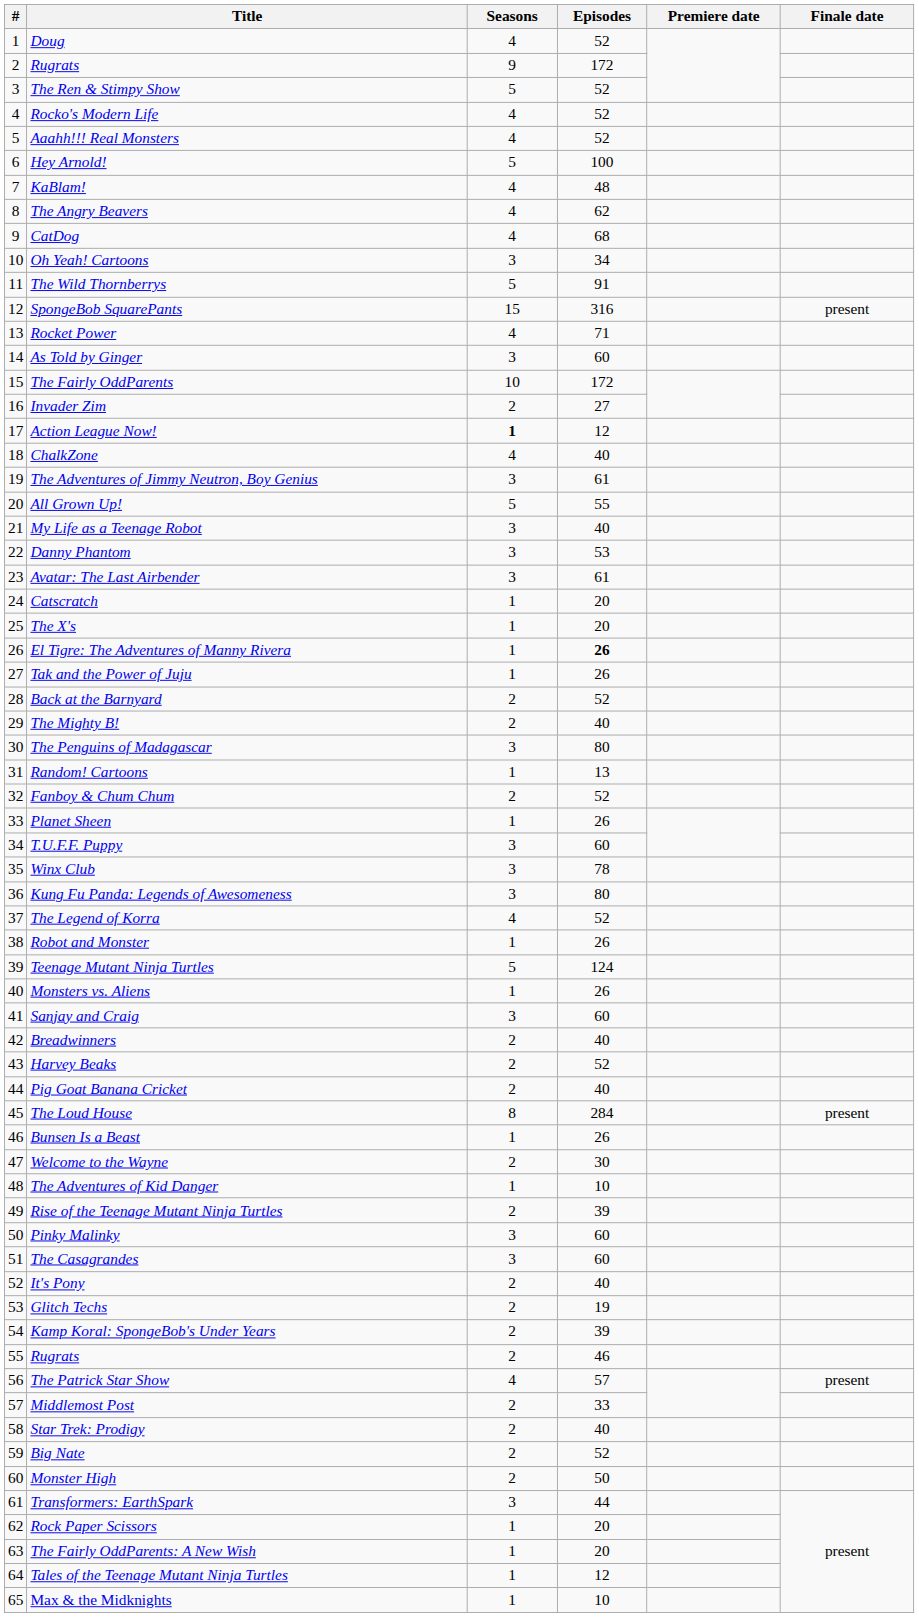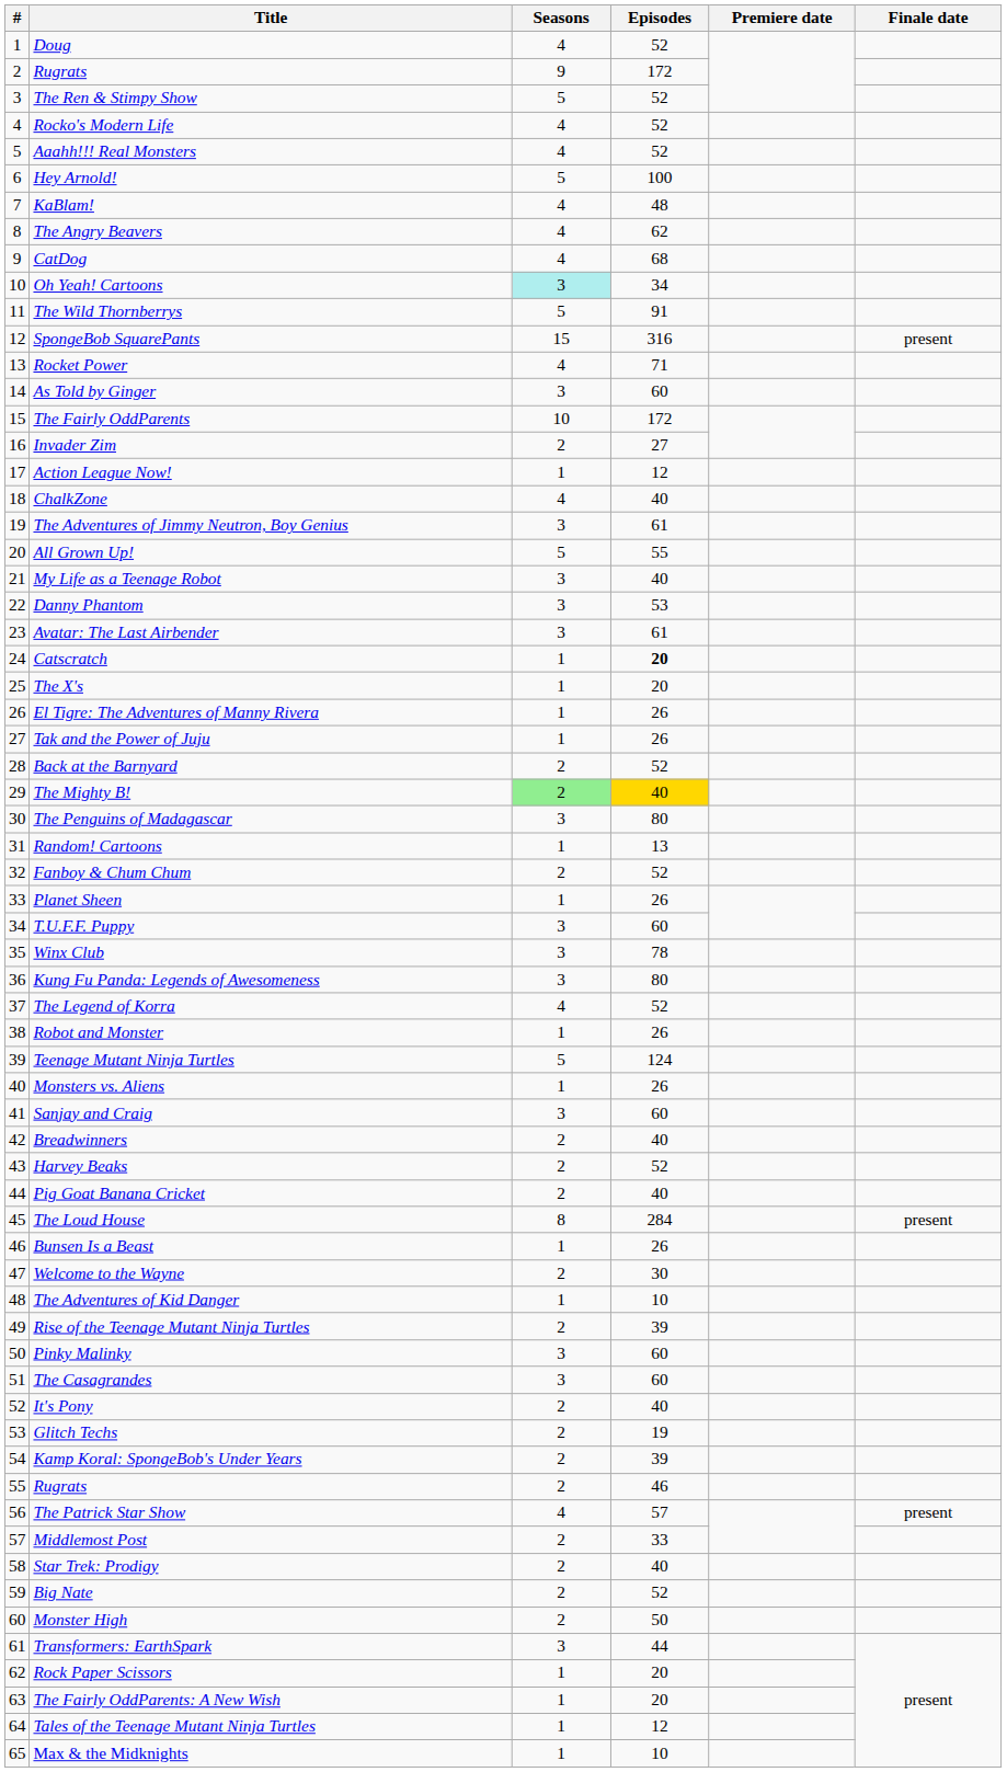 <table class="wikitable plainrowheaders sortable" style="width:75%;text-align:center;">
 <tr>
 <th>#</th>
 <th scope="col" style="width:50%;">Title</th>
 <th scope="col" style="width:10%;">Seasons</th>
 <th scope="col" style="width:10%;">Episodes</th>
 <th scope="col" style="width:15%;">Premiere date</th>
 <th scope="col" style="width:15%;">Finale date</th>
 </tr>
 <tr>
 <td>1</td>
 <td scope="row" style="text-align:left;"><em><a href='#'>Doug</a></em></td>
 <td>4</td>
 <td>52</td>
 <td rowspan="3"></td>
 <td></td>
 </tr>
 <tr>
 <td>2</td>
 <td scope="row" style="text-align:left;"><em><a href='#'>Rugrats</a></em></td>
 <td>9</td>
 <td>172</td>
 <td></td>
 </tr>
 <tr>
 <td>3</td>
 <td scope="row" style="text-align:left;"><em><a href='#'>The Ren & Stimpy Show</a></em></td>
 <td>5</td>
 <td>52</td>
 <td></td>
 </tr>
 <tr>
 <td>4</td>
 <td scope="row" style="text-align:left;"><em><a href='#'>Rocko's Modern Life</a></em></td>
 <td>4</td>
 <td>52</td>
 <td></td>
 <td></td>
 </tr>
 <tr>
 <td>5</td>
 <td scope="row" style="text-align:left;"><em><a href='#'>Aaahh!!! Real Monsters</a></em></td>
 <td>4</td>
 <td>52</td>
 <td></td>
 <td></td>
 </tr>
 <tr>
 <td>6</td>
 <td scope="row" style="text-align:left;"><em><a href='#'>Hey Arnold!</a></em></td>
 <td>5</td>
 <td>100</td>
 <td></td>
 <td></td>
 </tr>
 <tr>
 <td>7</td>
 <td scope="row" style="text-align:left;"><em><a href='#'>KaBlam!</a></em></td>
 <td>4</td>
 <td>48</td>
 <td></td>
 <td></td>
 </tr>
 <tr>
 <td>8</td>
 <td scope="row" style="text-align:left;"><em><a href='#'>The Angry Beavers</a></em></td>
 <td>4</td>
 <td>62</td>
 <td></td>
 <td></td>
 </tr>
 <tr>
 <td>9</td>
 <td scope="row" style="text-align:left;"><em><a href='#'>CatDog</a></em></td>
 <td>4</td>
 <td>68</td>
 <td></td>
 <td></td>
 </tr>
 <tr>
 <td>10</td>
 <td scope="row" style="text-align:left;"><em><a href='#'>Oh Yeah! Cartoons</a></em></td>
-<td>3</td>
+<td style="background: paleturquoise;">3</td>
 <td>34</td>
 <td></td>
 <td></td>
 </tr>
 <tr>
 <td>11</td>
 <td scope="row" style="text-align:left;"><em><a href='#'>The Wild Thornberrys</a></em></td>
 <td>5</td>
 <td>91</td>
 <td></td>
 <td></td>
 </tr>
 <tr>
 <td>12</td>
 <td scope="row" style="text-align:left;"><em><a href='#'>SpongeBob SquarePants</a></em></td>
 <td>15</td>
 <td>316</td>
 <td></td>
 <td>present</td>
 </tr>
 <tr>
 <td>13</td>
 <td scope="row" style="text-align:left;"><em><a href='#'>Rocket Power</a></em></td>
 <td>4</td>
 <td>71</td>
 <td></td>
 <td></td>
 </tr>
 <tr>
 <td>14</td>
 <td scope="row" style="text-align:left;"><em><a href='#'>As Told by Ginger</a></em></td>
 <td>3</td>
 <td>60</td>
 <td></td>
 <td></td>
 </tr>
 <tr>
 <td>15</td>
 <td scope="row" style="text-align:left;"><em><a href='#'>The Fairly OddParents</a></em></td>
 <td>10</td>
 <td>172</td>
 <td rowspan="2"></td>
 <td></td>
 </tr>
 <tr>
 <td>16</td>
 <td scope="row" style="text-align:left;"><em><a href='#'>Invader Zim</a></em></td>
 <td>2</td>
 <td>27</td>
 <td></td>
 </tr>
 <tr>
 <td>17</td>
 <td scope="row" style="text-align:left;"><em><a href='#'>Action League Now!</a></em></td>
-<td><strong>1</strong></td>
+<td>1</td>
 <td>12</td>
 <td></td>
 <td></td>
 </tr>
 <tr>
 <td>18</td>
 <td scope="row" style="text-align:left;"><em><a href='#'>ChalkZone</a></em></td>
 <td>4</td>
 <td>40</td>
 <td></td>
 <td></td>
 </tr>
 <tr>
 <td>19</td>
 <td scope="row" style="text-align:left;"><em><a href='#'>The Adventures of Jimmy Neutron, Boy Genius</a></em></td>
 <td>3</td>
 <td>61</td>
 <td></td>
 <td></td>
 </tr>
 <tr>
 <td>20</td>
 <td scope="row" style="text-align:left;"><em><a href='#'>All Grown Up!</a></em></td>
 <td>5</td>
 <td>55</td>
 <td></td>
 <td></td>
 </tr>
 <tr>
 <td>21</td>
 <td scope="row" style="text-align:left;"><em><a href='#'>My Life as a Teenage Robot</a></em></td>
 <td>3</td>
 <td>40</td>
 <td></td>
 <td></td>
 </tr>
 <tr>
 <td>22</td>
 <td scope="row" style="text-align:left;"><em><a href='#'>Danny Phantom</a></em></td>
 <td>3</td>
 <td>53</td>
 <td></td>
 <td></td>
 </tr>
 <tr>
 <td>23</td>
 <td scope="row" style="text-align:left;"><em><a href='#'>Avatar: The Last Airbender</a></em></td>
 <td>3</td>
 <td>61</td>
 <td></td>
 <td></td>
 </tr>
 <tr>
 <td>24</td>
 <td scope="row" style="text-align:left;"><em><a href='#'>Catscratch</a></em></td>
 <td>1</td>
-<td>20</td>
+<td><strong>20</strong></td>
 <td></td>
 <td></td>
 </tr>
 <tr>
 <td>25</td>
 <td scope="row" style="text-align:left;"><em><a href='#'>The X's</a></em></td>
 <td>1</td>
 <td>20</td>
 <td></td>
 <td></td>
 </tr>
 <tr>
 <td>26</td>
 <td scope="row" style="text-align:left;"><em><a href='#'>El Tigre: The Adventures of Manny Rivera</a></em></td>
 <td>1</td>
-<td><strong>26</strong></td>
+<td>26</td>
 <td></td>
 <td></td>
 </tr>
 <tr>
 <td>27</td>
 <td scope="row" style="text-align:left;"><em><a href='#'>Tak and the Power of Juju</a></em></td>
 <td>1</td>
 <td>26</td>
 <td></td>
 <td></td>
 </tr>
 <tr>
 <td>28</td>
 <td scope="row" style="text-align:left;"><em><a href='#'>Back at the Barnyard</a></em></td>
 <td>2</td>
 <td>52</td>
 <td></td>
 <td></td>
 </tr>
 <tr>
 <td>29</td>
 <td scope="row" style="text-align:left;"><em><a href='#'>The Mighty B!</a></em></td>
-<td>2</td>
-<td>40</td>
+<td style="background: lightgreen;">2</td>
+<td style="background: gold;">40</td>
 <td></td>
 <td></td>
 </tr>
 <tr>
 <td>30</td>
 <td scope="row" style="text-align:left;"><em><a href='#'>The Penguins of Madagascar</a></em></td>
 <td>3</td>
 <td>80</td>
 <td></td>
 <td></td>
 </tr>
 <tr>
 <td>31</td>
 <td scope="row" style="text-align:left;"><em><a href='#'>Random! Cartoons</a></em></td>
 <td>1</td>
 <td>13</td>
 <td></td>
 <td></td>
 </tr>
 <tr>
 <td>32</td>
 <td scope="row" style="text-align:left;"><em><a href='#'>Fanboy & Chum Chum</a></em></td>
 <td>2</td>
 <td>52</td>
 <td></td>
 <td></td>
 </tr>
 <tr>
 <td>33</td>
 <td scope="row" style="text-align:left;"><em><a href='#'>Planet Sheen</a></em></td>
 <td>1</td>
 <td>26</td>
 <td rowspan="2"></td>
 <td></td>
 </tr>
 <tr>
 <td>34</td>
 <td scope="row" style="text-align:left;"><em><a href='#'>T.U.F.F. Puppy</a></em></td>
 <td>3</td>
 <td>60</td>
 <td></td>
 </tr>
 <tr>
 <td>35</td>
 <td scope="row" style="text-align:left;"><em><a href='#'>Winx Club</a></em></td>
 <td>3</td>
 <td>78</td>
 <td></td>
 <td></td>
 </tr>
 <tr>
 <td>36</td>
 <td scope="row" style="text-align:left;"><em><a href='#'>Kung Fu Panda: Legends of Awesomeness</a></em></td>
 <td>3</td>
 <td>80</td>
 <td></td>
 <td></td>
 </tr>
 <tr>
 <td>37</td>
 <td scope="row" style="text-align:left;"><em><a href='#'>The Legend of Korra</a></em></td>
 <td>4</td>
 <td>52</td>
 <td></td>
 <td></td>
 </tr>
 <tr>
 <td>38</td>
 <td scope="row" style="text-align:left;"><em><a href='#'>Robot and Monster</a></em></td>
 <td>1</td>
 <td>26</td>
 <td></td>
 <td></td>
 </tr>
 <tr>
 <td>39</td>
 <td scope="row" style="text-align:left;"><em><a href='#'>Teenage Mutant Ninja Turtles</a></em></td>
 <td>5</td>
 <td>124</td>
 <td></td>
 <td></td>
 </tr>
 <tr>
 <td>40</td>
 <td scope="row" style="text-align:left;"><em><a href='#'>Monsters vs. Aliens</a></em></td>
 <td>1</td>
 <td>26</td>
 <td></td>
 <td></td>
 </tr>
 <tr>
 <td>41</td>
 <td scope="row" style="text-align:left;"><em><a href='#'>Sanjay and Craig</a></em></td>
 <td>3</td>
 <td>60</td>
 <td></td>
 <td></td>
 </tr>
 <tr>
 <td>42</td>
 <td scope="row" style="text-align:left;"><em><a href='#'>Breadwinners</a></em></td>
 <td>2</td>
 <td>40</td>
 <td></td>
 <td></td>
 </tr>
 <tr>
 <td>43</td>
 <td scope="row" style="text-align:left;"><em><a href='#'>Harvey Beaks</a></em></td>
 <td>2</td>
 <td>52</td>
 <td></td>
 <td></td>
 </tr>
 <tr>
 <td>44</td>
 <td scope="row" style="text-align:left;"><em><a href='#'>Pig Goat Banana Cricket</a></em></td>
 <td>2</td>
 <td>40</td>
 <td></td>
 <td></td>
 </tr>
 <tr>
 <td>45</td>
 <td scope="row" style="text-align:left;"><em><a href='#'>The Loud House</a></em></td>
 <td>8</td>
 <td>284</td>
 <td></td>
 <td>present</td>
 </tr>
 <tr>
 <td>46</td>
 <td scope="row" style="text-align:left;"><em><a href='#'>Bunsen Is a Beast</a></em></td>
 <td>1</td>
 <td>26</td>
 <td></td>
 <td></td>
 </tr>
 <tr>
 <td>47</td>
 <td scope="row" style="text-align:left;"><em><a href='#'>Welcome to the Wayne</a></em></td>
 <td>2</td>
 <td>30</td>
 <td></td>
 <td></td>
 </tr>
 <tr>
 <td>48</td>
 <td scope="row" style="text-align:left;"><em><a href='#'>The Adventures of Kid Danger</a></em></td>
 <td>1</td>
 <td>10</td>
 <td></td>
 <td></td>
 </tr>
 <tr>
 <td>49</td>
 <td scope="row" style="text-align:left;"><em><a href='#'>Rise of the Teenage Mutant Ninja Turtles</a></em></td>
 <td>2</td>
 <td>39</td>
 <td></td>
 <td></td>
 </tr>
 <tr>
 <td>50</td>
 <td scope="row" style="text-align:left;"><em><a href='#'>Pinky Malinky</a></em></td>
 <td>3</td>
 <td>60</td>
 <td></td>
 <td></td>
 </tr>
 <tr>
 <td>51</td>
 <td scope="row" style="text-align:left;"><em><a href='#'>The Casagrandes</a></em></td>
 <td>3</td>
 <td>60</td>
 <td></td>
 <td></td>
 </tr>
 <tr>
 <td>52</td>
 <td scope="row" style="text-align:left;"><em><a href='#'>It's Pony</a></em></td>
 <td>2</td>
 <td>40</td>
 <td></td>
 <td></td>
 </tr>
 <tr>
 <td>53</td>
 <td scope="row" style="text-align:left;"><em><a href='#'>Glitch Techs</a></em></td>
 <td>2</td>
 <td>19</td>
 <td></td>
 <td></td>
 </tr>
 <tr>
 <td>54</td>
 <td scope="row" style="text-align:left;"><em><a href='#'>Kamp Koral: SpongeBob's Under Years</a></em></td>
 <td>2</td>
 <td>39</td>
 <td></td>
 <td></td>
 </tr>
 <tr>
 <td>55</td>
 <td scope="row" style="text-align:left;"><em><a href='#'>Rugrats</a></em></td>
 <td>2</td>
 <td>46</td>
 <td></td>
 <td></td>
 </tr>
 <tr>
 <td>56</td>
 <td scope="row" style="text-align:left;"><em><a href='#'>The Patrick Star Show</a></em></td>
 <td>4</td>
 <td>57</td>
 <td rowspan="2"></td>
 <td>present</td>
 </tr>
 <tr>
 <td>57</td>
 <td scope="row" style="text-align:left;"><em><a href='#'>Middlemost Post</a></em></td>
 <td>2</td>
 <td>33</td>
 <td></td>
 </tr>
 <tr>
 <td>58</td>
 <td scope="row" style="text-align:left;"><em><a href='#'>Star Trek: Prodigy</a></em></td>
 <td>2</td>
 <td>40</td>
 <td></td>
 <td></td>
 </tr>
 <tr>
 <td>59</td>
 <td scope="row" style="text-align:left;"><em><a href='#'>Big Nate</a></em></td>
 <td>2</td>
 <td>52</td>
 <td></td>
 <td></td>
 </tr>
 <tr>
 <td>60</td>
 <td scope="row" style="text-align:left;"><em><a href='#'>Monster High</a></em></td>
 <td>2</td>
 <td>50</td>
 <td></td>
 <td></td>
 </tr>
 <tr>
 <td>61</td>
 <td scope="row" style="text-align:left;"><em><a href='#'>Transformers: EarthSpark</a></em></td>
 <td>3</td>
 <td>44</td>
 <td></td>
 <td rowspan="5">present</td>
 </tr>
 <tr>
 <td>62</td>
 <td scope="row" style="text-align:left;"><em><a href='#'>Rock Paper Scissors</a></em></td>
 <td>1</td>
 <td>20</td>
 <td></td>
 </tr>
 <tr>
 <td>63</td>
 <td scope="row" style="text-align:left;"><em><a href='#'>The Fairly OddParents: A New Wish</a></em></td>
 <td>1</td>
 <td>20</td>
 <td></td>
 </tr>
 <tr>
 <td>64</td>
 <td scope="row" style="text-align:left;"><em><a href='#'>Tales of the Teenage Mutant Ninja Turtles</a></em><em></td>
 <td>1</td>
 <td>12</td>
 <td></td>
 </tr>
 <tr>
 <td>65</td>
 <td scope="row" style="text-align:left;"></em><a href='#'>Max & the Midknights</a><em></td>
 <td>1</td>
 <td>10</td>
 <td></td>
 </tr>
 </table>
